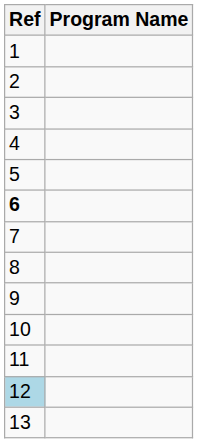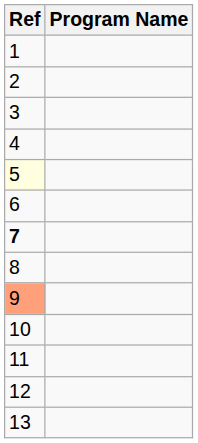 <table class="wikitable">
 <tr>
 <th>Ref</th>
 <th>Program Name</th>
 </tr>
 <tr>
 <td>1</td>
 <td></td>
 </tr>
 <tr>
 <td>2</td>
 <td></td>
 </tr>
 <tr>
 <td>3</td>
 <td></td>
 </tr>
 <tr>
 <td>4</td>
 <td></td>
 </tr>
 <tr>
-<td>5</td>
+<td style="background: lightyellow;">5</td>
 <td></td>
 </tr>
 <tr>
-<td><strong>6</strong></td>
+<td>6</td>
 <td></td>
 </tr>
 <tr>
-<td>7</td>
+<td><strong>7</strong></td>
 <td></td>
 </tr>
 <tr>
 <td>8</td>
 <td></td>
 </tr>
 <tr>
-<td>9</td>
+<td style="background: lightsalmon;">9</td>
 <td></td>
 </tr>
 <tr>
 <td>10</td>
 <td></td>
 </tr>
 <tr>
 <td>11</td>
 <td></td>
 </tr>
 <tr>
-<td style="background: lightblue;">12</td>
+<td>12</td>
 <td></td>
 </tr>
 <tr>
 <td>13</td>
 <td></td>
 </tr>
 </table>
